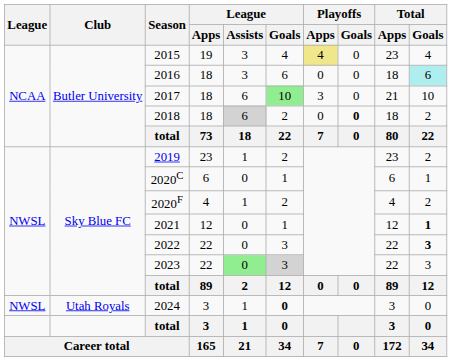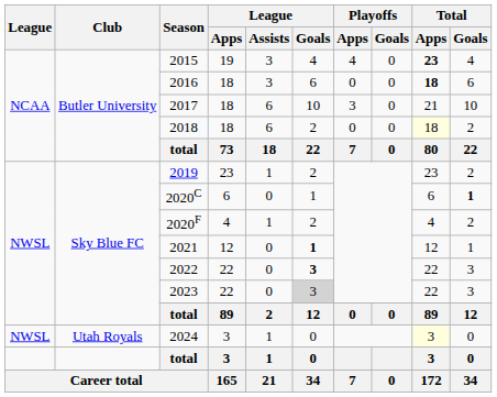 <table class="wikitable" style="text-align: center;">
 <tr>
 <th rowspan="2">League</th>
 <th rowspan="2">Club</th>
 <th rowspan="2">Season</th>
 <th colspan="3">League</th>
 <th colspan="2">Playoffs</th>
 <th colspan="2">Total</th>
 </tr>
 <tr>
 <th>Apps</th>
 <th>Assists</th>
 <th>Goals</th>
 <th>Apps</th>
 <th>Goals</th>
 <th>Apps</th>
 <th>Goals</th>
 </tr>
 <tr>
 <td rowspan="5"><a href='#'>NCAA</a></td>
 <td rowspan="5"><a href='#'>Butler University</a></td>
 <td>2015</td>
 <td>19</td>
 <td>3</td>
 <td>4</td>
-<td style="background: khaki;">4</td>
+<td>4</td>
 <td>0</td>
-<td>23</td>
+<td><strong>23</strong></td>
 <td>4</td>
 </tr>
 <tr>
 <td>2016</td>
 <td>18</td>
 <td>3</td>
 <td>6</td>
 <td>0</td>
 <td>0</td>
-<td>18</td>
-<td style="background: paleturquoise;">6</td>
+<td><strong>18</strong></td>
+<td>6</td>
 </tr>
 <tr>
 <td>2017</td>
 <td>18</td>
 <td>6</td>
-<td style="background: lightgreen;">10</td>
+<td>10</td>
 <td>3</td>
 <td>0</td>
 <td>21</td>
 <td>10</td>
 </tr>
 <tr>
 <td>2018</td>
 <td>18</td>
-<td style="background: lightgrey;">6</td>
+<td>6</td>
 <td>2</td>
 <td>0</td>
-<td><strong>0</strong></td>
-<td>18</td>
+<td>0</td>
+<td style="background: lightyellow;">18</td>
 <td>2</td>
 </tr>
 <tr>
 <th>total</th>
 <th>73</th>
 <th>18</th>
 <th>22</th>
 <th>7</th>
 <th>0</th>
 <th>80</th>
 <th>22</th>
 </tr>
 <tr>
 <td rowspan="7"><a href='#'>NWSL</a></td>
 <td rowspan="7"><a href='#'>Sky Blue FC</a></td>
 <td><a href='#'>2019</a></td>
 <td>23</td>
 <td>1</td>
 <td>2</td>
 <td colspan="2" rowspan="6"></td>
 <td>23</td>
 <td>2</td>
 </tr>
 <tr>
 <td>2020<sup>C</sup></td>
 <td>6</td>
 <td>0</td>
 <td>1</td>
 <td>6</td>
-<td>1</td>
+<td><strong>1</strong></td>
 </tr>
 <tr>
 <td>2020<sup>F</sup></td>
 <td>4</td>
 <td>1</td>
 <td>2</td>
 <td>4</td>
 <td>2</td>
 </tr>
 <tr>
 <td>2021</td>
 <td>12</td>
 <td>0</td>
+<td><strong>1</strong></td>
+<td>12</td>
 <td>1</td>
-<td>12</td>
-<td><strong>1</strong></td>
 </tr>
 <tr>
 <td>2022</td>
 <td>22</td>
 <td>0</td>
+<td><strong>3</strong></td>
+<td>22</td>
 <td>3</td>
-<td>22</td>
-<td><strong>3</strong></td>
 </tr>
 <tr>
 <td>2023</td>
 <td>22</td>
-<td style="background: lightgreen;">0</td>
+<td>0</td>
 <td style="background: lightgrey;">3</td>
 <td>22</td>
 <td>3</td>
 </tr>
 <tr>
 <th>total</th>
 <th>89</th>
 <th>2</th>
 <th>12</th>
 <th>0</th>
 <th>0</th>
 <th>89</th>
 <th>12</th>
 </tr>
 <tr>
 <td><a href='#'>NWSL</a></td>
 <td><a href='#'>Utah Royals</a></td>
 <td>2024</td>
 <td>3</td>
 <td>1</td>
-<td><strong>0</strong></td>
+<td>0</td>
 <td colspan="2"></td>
-<td>3</td>
+<td style="background: lightyellow;">3</td>
 <td>0</td>
 </tr>
 <tr>
 <td></td>
 <td></td>
 <th>total</th>
 <th>3</th>
 <th>1</th>
 <th>0</th>
 <th></th>
 <th></th>
 <th>3</th>
 <th>0</th>
 </tr>
 <tr>
 <th colspan="3">Career total</th>
 <th>165</th>
 <th>21</th>
 <th>34</th>
 <th>7</th>
 <th>0</th>
 <th>172</th>
 <th>34</th>
 </tr>
 </table>
